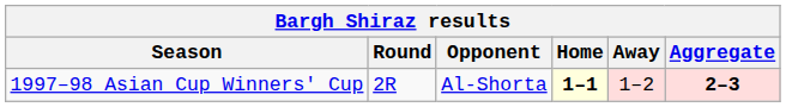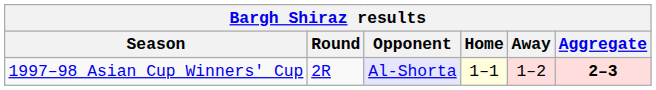 <table class="wikitable">
 <tr>
 <th colspan="6"><a href='#'>Bargh Shiraz</a> results</th>
 </tr>
 <tr>
 <th>Season</th>
 <th>Round</th>
 <th>Opponent</th>
 <th>Home</th>
 <th>Away</th>
 <th><a href='#'>Aggregate</a></th>
 </tr>
 <tr>
 <td><a href='#'>1997–98 Asian Cup Winners' Cup</a></td>
 <td><a href='#'>2R</a></td>
-<td> <a href='#'>Al-Shorta</a></td>
-<td bgcolor="#ffffdd" style="text-align:center;"><strong>1–1</strong></td>
+<td style="background: lavender;"> <a href='#'>Al-Shorta</a></td>
+<td bgcolor="#ffffdd" style="text-align:center;">1–1</td>
 <td bgcolor="#ffdddd" style="text-align:center;">1–2</td>
 <td bgcolor="#ffdddd" style="text-align:center;"><strong>2–3</strong></td>
 </tr>
 </table>
